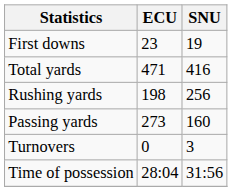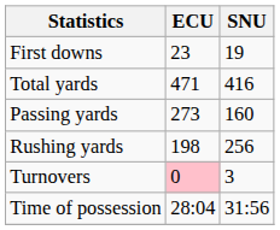 <table class="wikitable" style="float: left;">
 <tr>
 <th>Statistics</th>
 <th>ECU</th>
 <th>SNU</th>
 </tr>
 <tr>
 <td>First downs</td>
 <td>23</td>
 <td>19</td>
 </tr>
 <tr>
 <td>Total yards</td>
 <td>471</td>
 <td>416</td>
 </tr>
 <tr>
+<td>Passing yards</td>
+<td>273</td>
+<td>160</td>
+</tr>
+<tr>
 <td>Rushing yards</td>
 <td>198</td>
 <td>256</td>
 </tr>
 <tr>
-<td>Passing yards</td>
-<td>273</td>
-<td>160</td>
-</tr>
-<tr>
 <td>Turnovers</td>
-<td>0</td>
+<td style="background: pink;">0</td>
 <td>3</td>
 </tr>
 <tr>
 <td>Time of possession</td>
 <td>28:04</td>
 <td>31:56</td>
 </tr>
 <tr>
 </tr>
 </table>
